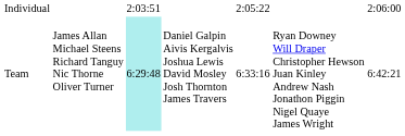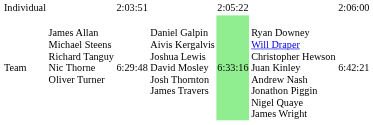 <table>
 <tr>
 <td>Individual</td>
 <td></td>
 <td>2:03:51</td>
 <td></td>
 <td>2:05:22</td>
 <td></td>
 <td>2:06:00</td>
 </tr>
 <tr>
 <td>Team</td>
 <td valign=top><br>James Allan<br>Michael Steens<br>Richard Tanguy<br>Nic Thorne<br>Oliver Turner</td>
-<td style="background: paleturquoise;">6:29:48</td>
+<td>6:29:48</td>
 <td valign=top><br>Daniel Galpin<br>Aivis Kergalvis<br>Joshua Lewis<br>David Mosley<br>Josh Thornton<br>James Travers</td>
-<td>6:33:16</td>
+<td style="background: lightgreen;">6:33:16</td>
 <td valign=top><br>Ryan Downey<br><a href='#'>Will Draper</a><br>Christopher Hewson<br>Juan Kinley<br>Andrew Nash<br>Jonathon Piggin<br>Nigel Quaye<br>James Wright</td>
 <td>6:42:21</td>
 </tr>
 </table>
